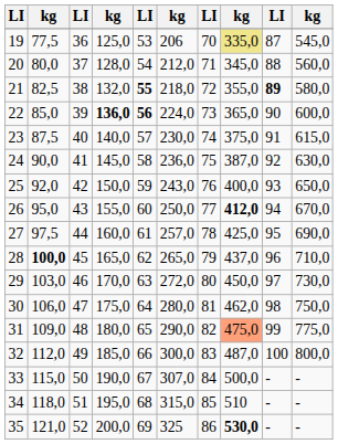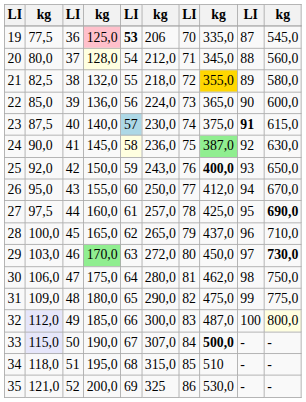 <table class="wikitable">
 <tr>
 <th>LI</th>
 <th>kg</th>
 <th>LI</th>
 <th>kg</th>
 <th>LI</th>
 <th>kg</th>
 <th>LI</th>
 <th>kg</th>
 <th>LI</th>
 <th>kg</th>
 </tr>
 <tr>
 </tr>
 <tr>
 <td>19</td>
 <td>77,5</td>
 <td class="even">36</td>
-<td class="even">125,0</td>
-<td>53</td>
+<td class="even" style="background: pink;">125,0</td>
+<td><strong>53</strong></td>
 <td>206</td>
 <td class="even">70</td>
-<td class="even" style="background: khaki;">335,0</td>
+<td class="even">335,0</td>
 <td>87</td>
 <td>545,0</td>
 </tr>
 <tr>
 <td>20</td>
 <td>80,0</td>
 <td class="even">37</td>
-<td class="even">128,0</td>
+<td class="even" style="background: lightyellow;">128,0</td>
 <td>54</td>
 <td>212,0</td>
 <td class="even">71</td>
 <td class="even">345,0</td>
 <td>88</td>
 <td>560,0</td>
 </tr>
 <tr>
 <td>21</td>
 <td>82,5</td>
 <td class="even">38</td>
 <td class="even">132,0</td>
-<td><strong>55</strong></td>
+<td>55</td>
 <td>218,0</td>
 <td class="even">72</td>
-<td class="even">355,0</td>
-<td><strong>89</strong></td>
+<td class="even" style="background: gold;">355,0</td>
+<td>89</td>
 <td>580,0</td>
 </tr>
 <tr>
 <td>22</td>
 <td>85,0</td>
 <td class="even">39</td>
-<td class="even"><strong>136,0</strong></td>
-<td><strong>56</strong></td>
+<td class="even">136,0</td>
+<td>56</td>
 <td>224,0</td>
 <td class="even">73</td>
 <td class="even">365,0</td>
 <td>90</td>
 <td>600,0</td>
 </tr>
 <tr>
 <td>23</td>
 <td>87,5</td>
 <td class="even">40</td>
 <td class="even">140,0</td>
-<td>57</td>
+<td style="background: lightblue;">57</td>
 <td>230,0</td>
 <td class="even">74</td>
 <td class="even">375,0</td>
-<td>91</td>
+<td><strong>91</strong></td>
 <td>615,0</td>
 </tr>
 <tr>
 <td>24</td>
 <td>90,0</td>
 <td class="even">41</td>
 <td class="even">145,0</td>
-<td>58</td>
+<td style="background: lightyellow;">58</td>
 <td>236,0</td>
 <td class="even">75</td>
-<td class="even">387,0</td>
+<td class="even" style="background: lightgreen;">387,0</td>
 <td>92</td>
 <td>630,0</td>
 </tr>
 <tr>
 <td>25</td>
 <td>92,0</td>
 <td class="even">42</td>
 <td class="even">150,0</td>
 <td>59</td>
 <td>243,0</td>
 <td class="even">76</td>
-<td class="even">400,0</td>
+<td class="even"><strong>400,0</strong></td>
 <td>93</td>
 <td>650,0</td>
 </tr>
 <tr>
 <td>26</td>
 <td>95,0</td>
 <td class="even">43</td>
 <td class="even">155,0</td>
 <td>60</td>
 <td>250,0</td>
 <td class="even">77</td>
-<td class="even"><strong>412,0</strong></td>
+<td class="even">412,0</td>
 <td>94</td>
 <td>670,0</td>
 </tr>
 <tr>
 <td>27</td>
 <td>97,5</td>
 <td class="even">44</td>
 <td class="even">160,0</td>
 <td>61</td>
 <td>257,0</td>
 <td class="even">78</td>
 <td class="even">425,0</td>
 <td>95</td>
-<td>690,0</td>
+<td><strong>690,0</strong></td>
 </tr>
 <tr>
 <td>28</td>
-<td><strong>100,0</strong></td>
+<td>100,0</td>
 <td class="even">45</td>
 <td class="even">165,0</td>
 <td>62</td>
 <td>265,0</td>
 <td class="even">79</td>
 <td class="even">437,0</td>
 <td>96</td>
 <td>710,0</td>
 </tr>
 <tr>
 <td>29</td>
 <td>103,0</td>
 <td class="even">46</td>
-<td class="even">170,0</td>
+<td class="even" style="background: lightgreen;">170,0</td>
 <td>63</td>
 <td>272,0</td>
 <td class="even">80</td>
 <td class="even">450,0</td>
 <td>97</td>
-<td>730,0</td>
+<td><strong>730,0</strong></td>
 </tr>
 <tr>
 <td>30</td>
 <td>106,0</td>
 <td class="even">47</td>
 <td class="even">175,0</td>
 <td>64</td>
 <td>280,0</td>
 <td class="even">81</td>
 <td class="even">462,0</td>
 <td>98</td>
 <td>750,0</td>
 </tr>
 <tr>
 <td>31</td>
 <td>109,0</td>
 <td class="even">48</td>
 <td class="even">180,0</td>
 <td>65</td>
 <td>290,0</td>
 <td class="even">82</td>
-<td class="even" style="background: lightsalmon;">475,0</td>
+<td class="even">475,0</td>
 <td>99</td>
 <td>775,0</td>
 </tr>
 <tr>
 <td>32</td>
-<td>112,0</td>
+<td style="background: lavender;">112,0</td>
 <td class="even">49</td>
 <td class="even">185,0</td>
 <td>66</td>
 <td>300,0</td>
 <td class="even">83</td>
 <td class="even">487,0</td>
 <td>100</td>
-<td>800,0</td>
+<td style="background: lightyellow;">800,0</td>
 </tr>
 <tr>
 <td>33</td>
-<td>115,0</td>
+<td style="background: lavender;">115,0</td>
 <td class="even">50</td>
 <td class="even">190,0</td>
 <td>67</td>
 <td>307,0</td>
 <td class="even">84</td>
-<td class="even">500,0</td>
+<td class="even"><strong>500,0</strong></td>
 <td>-</td>
 <td>-</td>
 </tr>
 <tr>
 <td>34</td>
 <td>118,0</td>
 <td class="even">51</td>
 <td class="even">195,0</td>
 <td>68</td>
 <td>315,0</td>
 <td class="even">85</td>
 <td class="even">510</td>
 <td>-</td>
 <td>-</td>
 </tr>
 <tr>
 <td>35</td>
 <td>121,0</td>
 <td class="even">52</td>
 <td class="even">200,0</td>
 <td>69</td>
 <td>325</td>
 <td class="even">86</td>
-<td class="even"><strong>530,0</strong></td>
+<td class="even">530,0</td>
 <td>-</td>
 <td>-</td>
 </tr>
 </table>
